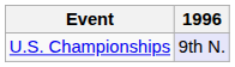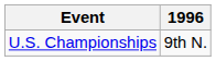 <table class="wikitable">
 <tr>
 <th>Event</th>
 <th>1996</th>
 </tr>
 <tr>
 <td><a href='#'>U.S. Championships</a></td>
-<td align="center" style="background: lavender;">9th N.</td>
+<td align="center">9th N.</td>
 </tr>
 </table>
